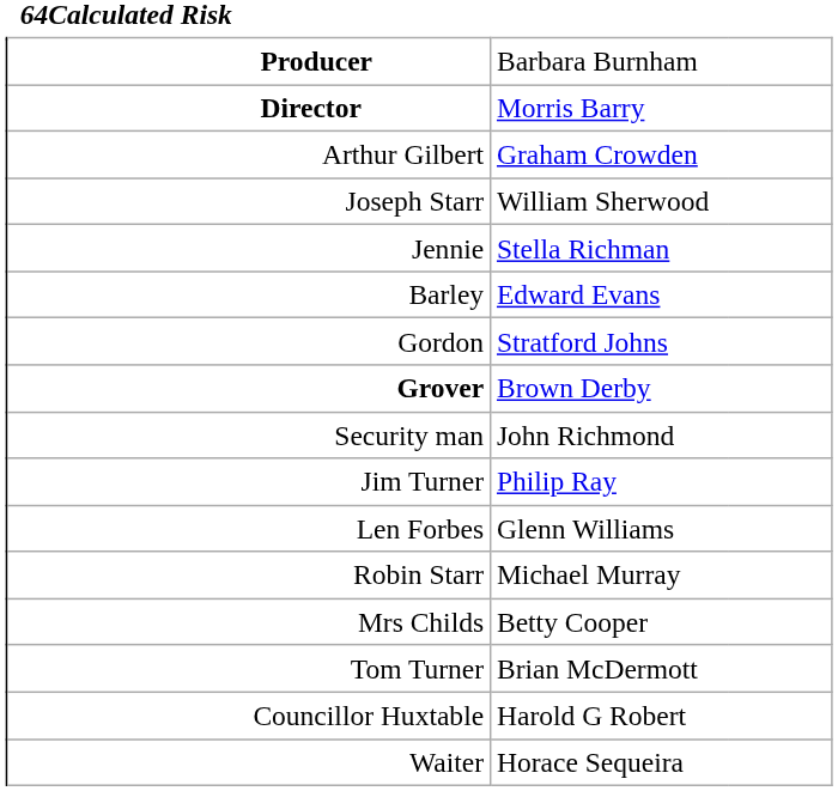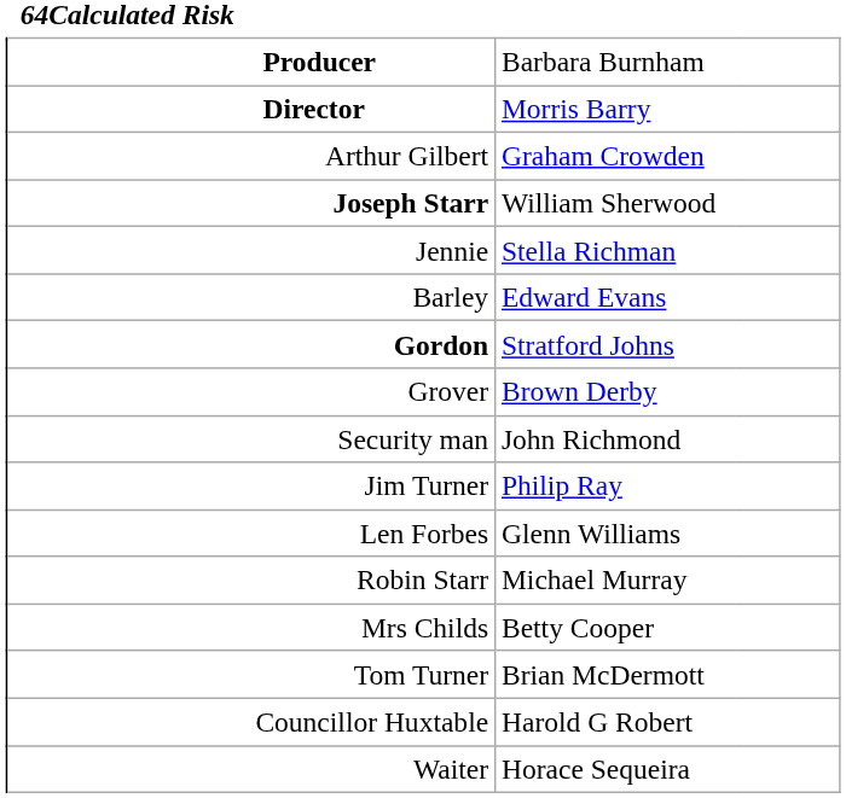 <table class="wikitable mw-collapsible mw-collapsed" style="vertical-align:top;margin:auto 2em;line-height:1.2;min-width:33em;display: inline-table;background-color:inherit;border:none;">
 <tr>
 <td class=unsortable style="border:hidden;line-height:1.67;text-align:center;margin-left:-1em;padding-left:0.5em;min-width:1.0em;"></td>
 <td class=unsortable style="border:none;padding-left:0.5em;text-align:left;min-width:16.5em;font-weight:700;font-style:italic;">64Calculated Risk</td>
 <td class=unsortable style="border:none;text-align:right;font-weight:normal;font-family:Courier;font-size:95%;letter-spacing:-1pt;min-width:8.5em;padding-right:0.2em;"></td>
 <td class=unsortable style="border:hidden;min-width:3.5em;padding-left:0;"></td>
 <td class=unsortable style="border:hidden;min-width:3.5em;font-size:95%;"></td>
 </tr>
 <tr>
 <td rowspan=100 style="border:none thin;border-right-style :solid;"></td>
 </tr>
 <tr>
 <td style="text-align:left;padding-left:9.0em;font-weight:bold;">Producer</td>
 <td colspan=2>Barbara Burnham</td>
 </tr>
 <tr>
 <td style="text-align:left;padding-left:9.0em;font-weight:bold;">Director</td>
 <td colspan=2><a href='#'>Morris Barry</a></td>
 </tr>
 <tr>
 <td style="text-align:right;">Arthur Gilbert</td>
 <td colspan=2><a href='#'>Graham Crowden</a></td>
 </tr>
 <tr>
-<td style="text-align:right;">Joseph Starr</td>
+<td style="text-align:right;"><strong>Joseph Starr</strong></td>
 <td colspan=2>William Sherwood</td>
 </tr>
 <tr>
 <td style="text-align:right;">Jennie</td>
 <td colspan=2><a href='#'>Stella Richman</a></td>
 </tr>
 <tr>
 <td style="text-align:right;">Barley</td>
 <td colspan=2><a href='#'>Edward Evans</a></td>
 </tr>
 <tr>
-<td style="text-align:right;">Gordon</td>
+<td style="text-align:right;"><strong>Gordon</strong></td>
 <td colspan=2><a href='#'>Stratford Johns</a></td>
 </tr>
 <tr>
-<td style="text-align:right;"><strong>Grover</strong></td>
+<td style="text-align:right;">Grover</td>
 <td colspan=2><a href='#'>Brown Derby</a></td>
 </tr>
 <tr>
 <td style="text-align:right;">Security man</td>
 <td colspan=2>John Richmond</td>
 </tr>
 <tr>
 <td style="text-align:right;">Jim Turner</td>
 <td colspan=2><a href='#'>Philip Ray</a></td>
 </tr>
 <tr>
 <td style="text-align:right;">Len Forbes</td>
 <td colspan=2>Glenn Williams</td>
 </tr>
 <tr>
 <td style="text-align:right;">Robin Starr</td>
 <td colspan=2>Michael Murray</td>
 </tr>
 <tr>
 <td style="text-align:right;">Mrs Childs</td>
 <td colspan=2>Betty Cooper</td>
 </tr>
 <tr>
 <td style="text-align:right;">Tom Turner</td>
 <td colspan=2>Brian McDermott</td>
 </tr>
 <tr>
 <td style="text-align:right;">Councillor Huxtable</td>
 <td colspan=2>Harold G Robert</td>
 </tr>
 <tr>
 <td style="text-align:right;">Waiter</td>
 <td colspan=2>Horace Sequeira</td>
 </tr>
 </table>
